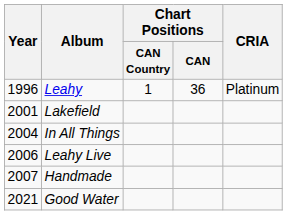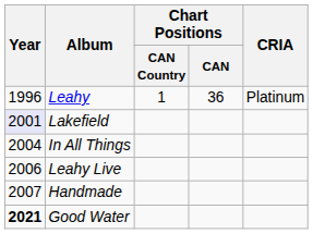 <table class="wikitable">
 <tr>
 <th rowspan="2">Year</th>
 <th rowspan="2">Album</th>
 <th colspan="2">Chart Positions</th>
 <th rowspan="2">CRIA</th>
 </tr>
 <tr>
 <th width="50"><small>CAN Country</small></th>
 <th width="50"><small>CAN</small></th>
 </tr>
 <tr>
 <td>1996</td>
 <td><em><a href='#'>Leahy</a></em></td>
 <td align="center">1</td>
 <td align="center">36</td>
 <td align="center">Platinum</td>
 </tr>
 <tr>
-<td>2001</td>
+<td style="background: lavender;">2001</td>
 <td><em>Lakefield</em></td>
 <td></td>
 <td></td>
 <td></td>
 </tr>
 <tr>
 <td>2004</td>
 <td><em>In All Things</em></td>
 <td></td>
 <td></td>
 <td></td>
 </tr>
 <tr>
 <td>2006</td>
 <td><em>Leahy Live</em></td>
 <td></td>
 <td></td>
 <td></td>
 </tr>
 <tr>
 <td>2007</td>
 <td><em>Handmade</em></td>
 <td></td>
 <td></td>
 <td></td>
 </tr>
 <tr>
-<td>2021</td>
+<td><strong>2021</strong></td>
 <td><em>Good Water</em></td>
 <td></td>
 <td></td>
 <td></td>
 </tr>
 </table>
